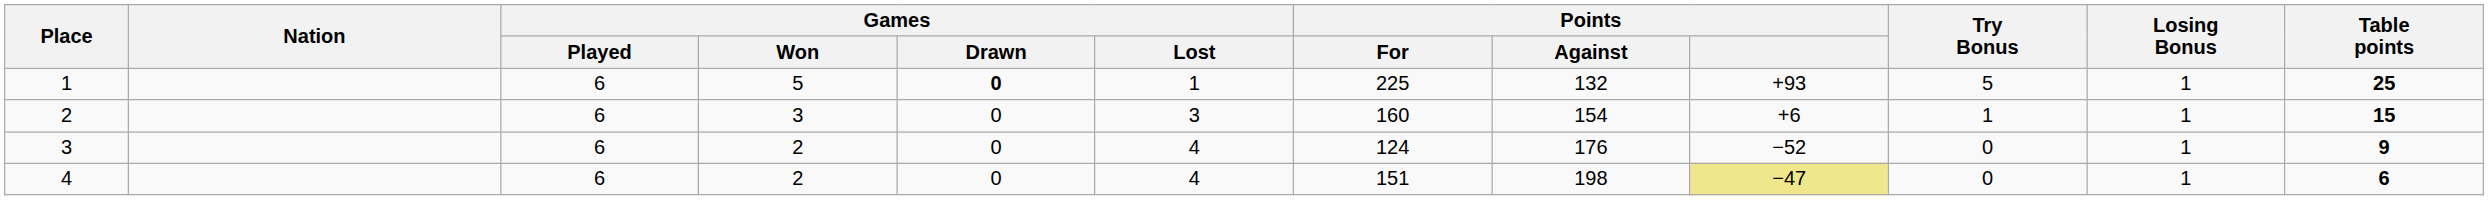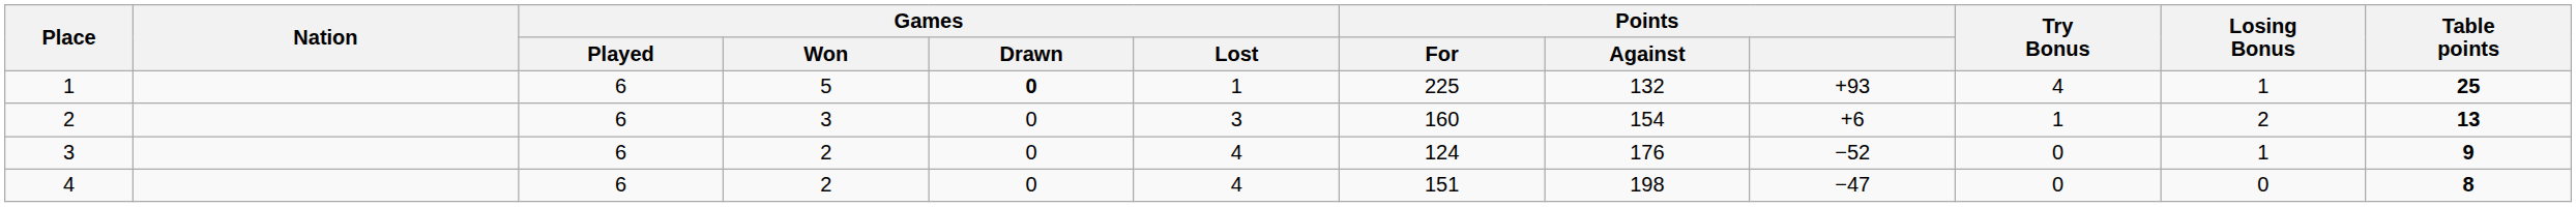 <table class="wikitable" style="width:100%;text-align:center">
 <tr>
 <th rowspan="2" style="width:5%">Place</th>
 <th rowspan="2" style="width:15%">Nation</th>
 <th colspan="4" style="width:32%">Games</th>
 <th colspan="3" style="width:18%">Points</th>
 <th rowspan="2" style="width:8%">Try<br>Bonus</th>
 <th rowspan="2" style="width:8%">Losing<br>Bonus</th>
 <th rowspan="2" style="width:10%">Table<br>points</th>
 </tr>
 <tr>
 <th style="width:8%">Played</th>
 <th style="width:8%">Won</th>
 <th style="width:8%">Drawn</th>
 <th style="width:8%">Lost</th>
 <th style="width:8%">For</th>
 <th style="width:8%">Against</th>
 <th style="width:8%"></th>
 </tr>
 <tr>
 <td>1</td>
 <td align="left"></td>
 <td>6</td>
 <td>5</td>
 <td><strong>0</strong></td>
 <td>1</td>
 <td>225</td>
 <td>132</td>
 <td>+93</td>
-<td>5</td>
+<td>4</td>
 <td>1</td>
 <td><strong>25</strong></td>
 </tr>
 <tr>
 <td>2</td>
 <td align="left"></td>
 <td>6</td>
 <td>3</td>
 <td>0</td>
 <td>3</td>
 <td>160</td>
 <td>154</td>
 <td>+6</td>
 <td>1</td>
-<td>1</td>
-<td><strong>15</strong></td>
+<td>2</td>
+<td><strong>13</strong></td>
 </tr>
 <tr>
 <td>3</td>
 <td align="left"></td>
 <td>6</td>
 <td>2</td>
 <td>0</td>
 <td>4</td>
 <td>124</td>
 <td>176</td>
 <td>−52</td>
 <td>0</td>
 <td>1</td>
 <td><strong>9</strong></td>
 </tr>
 <tr>
 <td>4</td>
 <td align="left"></td>
 <td>6</td>
 <td>2</td>
 <td>0</td>
 <td>4</td>
 <td>151</td>
 <td>198</td>
-<td style="background: khaki;">−47</td>
+<td>−47</td>
 <td>0</td>
-<td>1</td>
-<td><strong>6</strong></td>
+<td>0</td>
+<td><strong>8</strong></td>
 </tr>
 </table>
